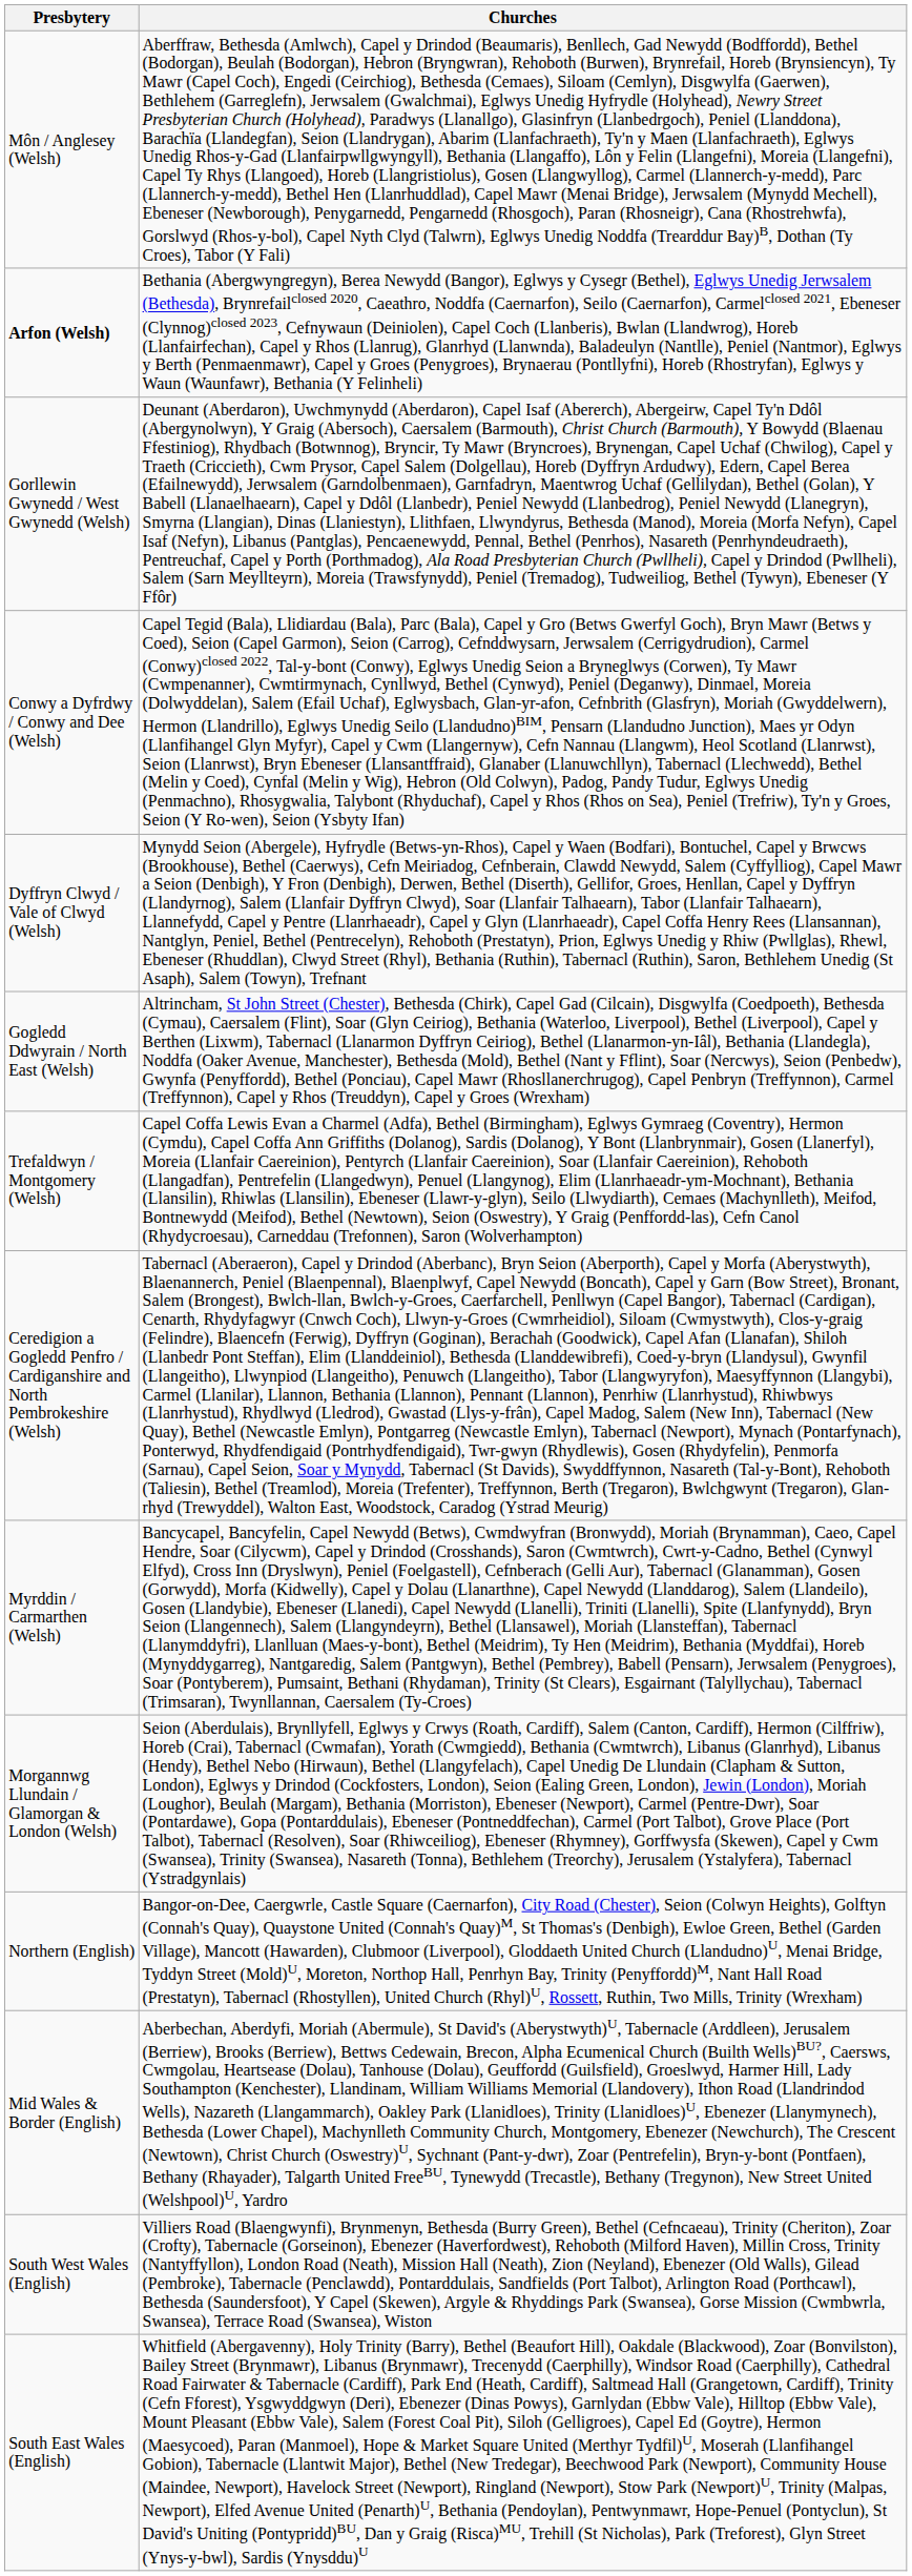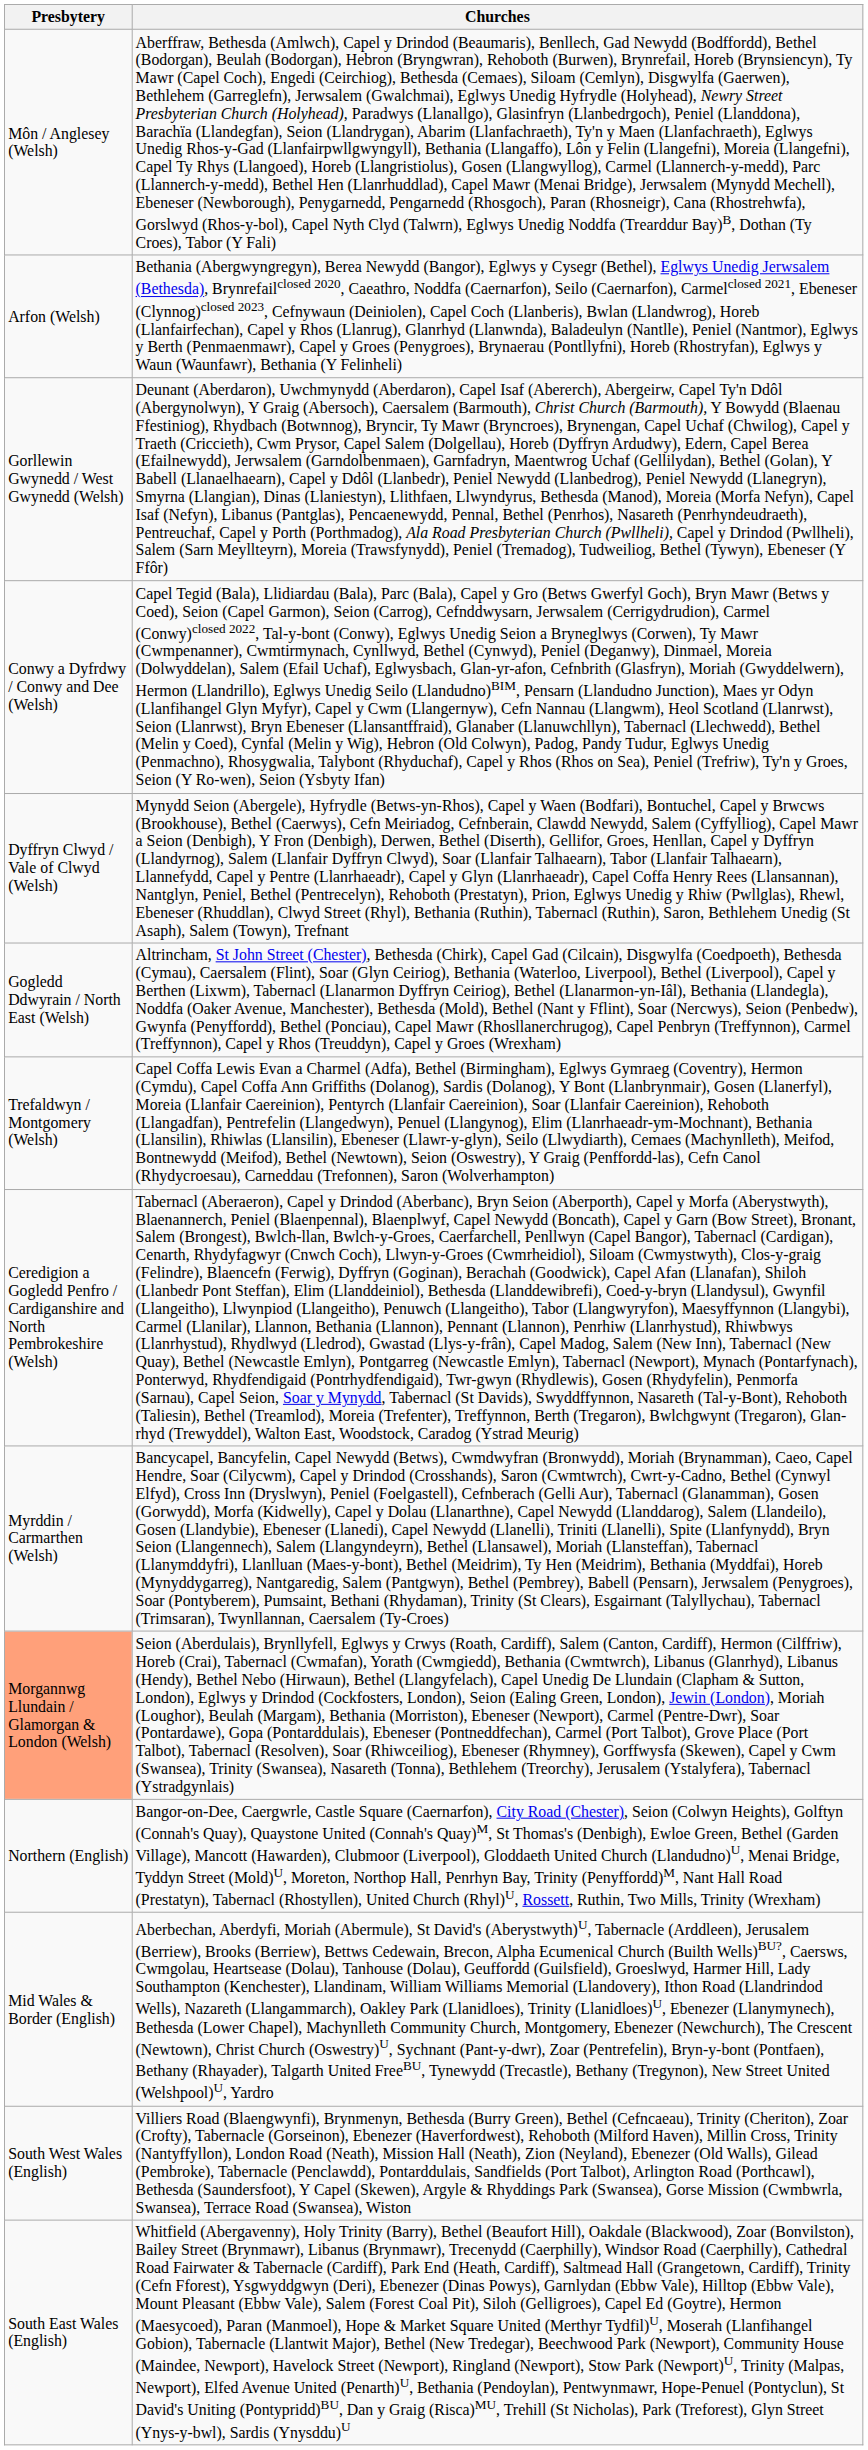 <table class="wikitable">
 <tr>
 <th>Presbytery</th>
 <th>Churches</th>
 </tr>
 <tr>
 <td>Môn / Anglesey (Welsh)</td>
 <td>Aberffraw, Bethesda (Amlwch), Capel y Drindod (Beaumaris), Benllech, Gad Newydd (Bodffordd), Bethel (Bodorgan), Beulah (Bodorgan), Hebron (Bryngwran), Rehoboth (Burwen), Brynrefail, Horeb (Brynsiencyn), Ty Mawr (Capel Coch), Engedi (Ceirchiog), Bethesda (Cemaes), Siloam (Cemlyn), Disgwylfa (Gaerwen), Bethlehem (Garreglefn), Jerwsalem (Gwalchmai), Eglwys Unedig Hyfrydle (Holyhead), <em>Newry Street Presbyterian Church (Holyhead)</em>, Paradwys (Llanallgo), Glasinfryn (Llanbedrgoch), Peniel (Llanddona), Barachïa (Llandegfan), Seion (Llandrygan), Abarim (Llanfachraeth), Ty'n y Maen (Llanfachraeth), Eglwys Unedig Rhos-y-Gad (Llanfairpwllgwyngyll), Bethania (Llangaffo), Lôn y Felin (Llangefni), Moreia (Llangefni), Capel Ty Rhys (Llangoed), Horeb (Llangristiolus), Gosen (Llangwyllog), Carmel (Llannerch-y-medd), Parc (Llannerch-y-medd), Bethel Hen (Llanrhuddlad), Capel Mawr (Menai Bridge), Jerwsalem (Mynydd Mechell), Ebeneser (Newborough), Penygarnedd, Pengarnedd (Rhosgoch), Paran (Rhosneigr), Cana (Rhostrehwfa), Gorslwyd (Rhos-y-bol), Capel Nyth Clyd (Talwrn), Eglwys Unedig Noddfa (Trearddur Bay)<sup>B</sup>, Dothan (Ty Croes), Tabor (Y Fali)</td>
 </tr>
 <tr>
-<td><strong>Arfon (Welsh) </strong></td>
+<td>Arfon (Welsh) </td>
 <td>Bethania (Abergwyngregyn), Berea Newydd (Bangor), Eglwys y Cysegr (Bethel), <a href='#'>Eglwys Unedig Jerwsalem (Bethesda)</a>, Brynrefail<sup>closed 2020</sup>, Caeathro, Noddfa (Caernarfon), Seilo (Caernarfon), Carmel<sup>closed 2021</sup>, Ebeneser (Clynnog)<sup>closed 2023</sup>, Cefnywaun (Deiniolen), Capel Coch (Llanberis), Bwlan (Llandwrog), Horeb (Llanfairfechan), Capel y Rhos (Llanrug), Glanrhyd (Llanwnda), Baladeulyn (Nantlle), Peniel (Nantmor), Eglwys y Berth (Penmaenmawr), Capel y Groes (Penygroes), Brynaerau (Pontllyfni), Horeb (Rhostryfan), Eglwys y Waun (Waunfawr), Bethania (Y Felinheli)</td>
 </tr>
 <tr>
 <td>Gorllewin Gwynedd / West Gwynedd (Welsh)</td>
 <td>Deunant (Aberdaron), Uwchmynydd (Aberdaron), Capel Isaf (Abererch), Abergeirw, Capel Ty'n Ddôl (Abergynolwyn), Y Graig (Abersoch), Caersalem (Barmouth), <em>Christ Church (Barmouth),</em> Y Bowydd (Blaenau Ffestiniog), Rhydbach (Botwnnog), Bryncir, Ty Mawr (Bryncroes), Brynengan, Capel Uchaf (Chwilog), Capel y Traeth (Criccieth), Cwm Prysor, Capel Salem (Dolgellau), Horeb (Dyffryn Ardudwy), Edern, Capel Berea (Efailnewydd), Jerwsalem (Garndolbenmaen), Garnfadryn, Maentwrog Uchaf (Gellilydan), Bethel (Golan), Y Babell (Llanaelhaearn), Capel y Ddôl (Llanbedr), Peniel Newydd (Llanbedrog), Peniel Newydd (Llanegryn), Smyrna (Llangian), Dinas (Llaniestyn), Llithfaen, Llwyndyrus, Bethesda (Manod), Moreia (Morfa Nefyn), Capel Isaf (Nefyn), Libanus (Pantglas), Pencaenewydd, Pennal, Bethel (Penrhos), Nasareth (Penrhyndeudraeth), Pentreuchaf, Capel y Porth (Porthmadog), <em>Ala Road Presbyterian Church (Pwllheli),</em> Capel y Drindod (Pwllheli), Salem (Sarn Meyllteyrn), Moreia (Trawsfynydd), Peniel (Tremadog), Tudweiliog, Bethel (Tywyn), Ebeneser (Y Ffôr)</td>
 </tr>
 <tr>
 <td>Conwy a Dyfrdwy / Conwy and Dee (Welsh)</td>
 <td>Capel Tegid (Bala), Llidiardau (Bala), Parc (Bala), Capel y Gro (Betws Gwerfyl Goch), Bryn Mawr (Betws y Coed), Seion (Capel Garmon), Seion (Carrog), Cefnddwysarn, Jerwsalem (Cerrigydrudion), Carmel (Conwy)<sup>closed 2022</sup>, Tal-y-bont (Conwy), Eglwys Unedig Seion a Bryneglwys (Corwen), Ty Mawr (Cwmpenanner), Cwmtirmynach, Cynllwyd, Bethel (Cynwyd), Peniel (Deganwy), Dinmael, Moreia (Dolwyddelan), Salem (Efail Uchaf), Eglwysbach, Glan-yr-afon, Cefnbrith (Glasfryn), Moriah (Gwyddelwern), Hermon (Llandrillo), Eglwys Unedig Seilo (Llandudno)<sup>BIM</sup>, Pensarn (Llandudno Junction), Maes yr Odyn (Llanfihangel Glyn Myfyr), Capel y Cwm (Llangernyw), Cefn Nannau (Llangwm), Heol Scotland (Llanrwst), Seion (Llanrwst), Bryn Ebeneser (Llansantffraid), Glanaber (Llanuwchllyn), Tabernacl (Llechwedd), Bethel (Melin y Coed), Cynfal (Melin y Wig), Hebron (Old Colwyn), Padog, Pandy Tudur, Eglwys Unedig (Penmachno), Rhosygwalia, Talybont (Rhyduchaf), Capel y Rhos (Rhos on Sea), Peniel (Trefriw), Ty'n y Groes, Seion (Y Ro-wen), Seion (Ysbyty Ifan)</td>
 </tr>
 <tr>
 <td>Dyffryn Clwyd / Vale of Clwyd (Welsh)</td>
 <td>Mynydd Seion (Abergele), Hyfrydle (Betws-yn-Rhos), Capel y Waen (Bodfari), Bontuchel, Capel y Brwcws (Brookhouse), Bethel (Caerwys), Cefn Meiriadog, Cefnberain, Clawdd Newydd, Salem (Cyffylliog), Capel Mawr a Seion (Denbigh), Y Fron (Denbigh), Derwen, Bethel (Diserth), Gellifor, Groes, Henllan, Capel y Dyffryn (Llandyrnog), Salem (Llanfair Dyffryn Clwyd), Soar (Llanfair Talhaearn), Tabor (Llanfair Talhaearn), Llannefydd, Capel y Pentre (Llanrhaeadr), Capel y Glyn (Llanrhaeadr), Capel Coffa Henry Rees (Llansannan), Nantglyn, Peniel, Bethel (Pentrecelyn), Rehoboth (Prestatyn), Prion, Eglwys Unedig y Rhiw (Pwllglas), Rhewl, Ebeneser (Rhuddlan), Clwyd Street (Rhyl), Bethania (Ruthin), Tabernacl (Ruthin), Saron, Bethlehem Unedig (St Asaph), Salem (Towyn), Trefnant</td>
 </tr>
 <tr>
 <td>Gogledd Ddwyrain / North East (Welsh)</td>
 <td>Altrincham, <a href='#'>St John Street (Chester)</a>, Bethesda (Chirk), Capel Gad (Cilcain), Disgwylfa (Coedpoeth), Bethesda (Cymau), Caersalem (Flint), Soar (Glyn Ceiriog), Bethania (Waterloo, Liverpool), Bethel (Liverpool), Capel y Berthen (Lixwm), Tabernacl (Llanarmon Dyffryn Ceiriog), Bethel (Llanarmon-yn-Iâl), Bethania (Llandegla), Noddfa (Oaker Avenue, Manchester), Bethesda (Mold), Bethel (Nant y Fflint), Soar (Nercwys), Seion (Penbedw), Gwynfa (Penyffordd), Bethel (Ponciau), Capel Mawr (Rhosllanerchrugog), Capel Penbryn (Treffynnon), Carmel (Treffynnon), Capel y Rhos (Treuddyn), Capel y Groes (Wrexham)</td>
 </tr>
 <tr>
 <td>Trefaldwyn  / Montgomery (Welsh)</td>
 <td>Capel Coffa Lewis Evan a Charmel (Adfa), Bethel (Birmingham), Eglwys Gymraeg (Coventry), Hermon (Cymdu), Capel Coffa Ann Griffiths (Dolanog), Sardis (Dolanog), Y Bont (Llanbrynmair), Gosen (Llanerfyl), Moreia (Llanfair Caereinion), Pentyrch (Llanfair Caereinion), Soar (Llanfair Caereinion), Rehoboth (Llangadfan), Pentrefelin (Llangedwyn), Penuel (Llangynog), Elim (Llanrhaeadr-ym-Mochnant), Bethania (Llansilin), Rhiwlas (Llansilin), Ebeneser (Llawr-y-glyn), Seilo (Llwydiarth), Cemaes (Machynlleth), Meifod, Bontnewydd (Meifod), Bethel (Newtown), Seion (Oswestry), Y Graig (Penffordd-las), Cefn Canol (Rhydycroesau), Carneddau (Trefonnen), Saron (Wolverhampton)</td>
 </tr>
 <tr>
 <td>Ceredigion a Gogledd Penfro / Cardiganshire and North Pembrokeshire (Welsh)</td>
 <td>Tabernacl (Aberaeron), Capel y Drindod (Aberbanc), Bryn Seion (Aberporth), Capel y Morfa (Aberystwyth), Blaenannerch, Peniel (Blaenpennal), Blaenplwyf, Capel Newydd (Boncath), Capel y Garn (Bow Street), Bronant, Salem (Brongest), Bwlch-llan, Bwlch-y-Groes, Caerfarchell, Penllwyn (Capel Bangor), Tabernacl (Cardigan), Cenarth, Rhydyfagwyr (Cnwch Coch), Llwyn-y-Groes (Cwmrheidiol), Siloam (Cwmystwyth), Clos-y-graig (Felindre), Blaencefn (Ferwig), Dyffryn (Goginan), Berachah (Goodwick), Capel Afan (Llanafan), Shiloh (Llanbedr Pont Steffan), Elim (Llanddeiniol), Bethesda (Llanddewibrefi), Coed-y-bryn (Llandysul), Gwynfil (Llangeitho), Llwynpiod (Llangeitho), Penuwch (Llangeitho), Tabor (Llangwyryfon), Maesyffynnon (Llangybi), Carmel (Llanilar), Llannon, Bethania (Llannon), Pennant (Llannon), Penrhiw (Llanrhystud), Rhiwbwys (Llanrhystud), Rhydlwyd (Lledrod), Gwastad (Llys-y-frân), Capel Madog, Salem (New Inn), Tabernacl (New Quay), Bethel (Newcastle Emlyn), Pontgarreg (Newcastle Emlyn), Tabernacl (Newport), Mynach (Pontarfynach), Ponterwyd, Rhydfendigaid (Pontrhydfendigaid), Twr-gwyn (Rhydlewis), Gosen (Rhydyfelin), Penmorfa (Sarnau), Capel Seion, <a href='#'>Soar y Mynydd</a>, Tabernacl (St Davids), Swyddffynnon, Nasareth (Tal-y-Bont), Rehoboth (Taliesin), Bethel (Treamlod), Moreia (Trefenter), Treffynnon, Berth (Tregaron), Bwlchgwynt (Tregaron), Glan-rhyd (Trewyddel), Walton East, Woodstock, Caradog (Ystrad Meurig)</td>
 </tr>
 <tr>
 <td>Myrddin / Carmarthen (Welsh)</td>
 <td>Bancycapel, Bancyfelin, Capel Newydd (Betws), Cwmdwyfran (Bronwydd), Moriah (Brynamman), Caeo, Capel Hendre, Soar (Cilycwm), Capel y Drindod (Crosshands), Saron (Cwmtwrch), Cwrt-y-Cadno, Bethel (Cynwyl Elfyd), Cross Inn (Dryslwyn), Peniel (Foelgastell), Cefnberach (Gelli Aur), Tabernacl (Glanamman), Gosen (Gorwydd), Morfa (Kidwelly), Capel y Dolau (Llanarthne), Capel Newydd (Llanddarog), Salem (Llandeilo), Gosen (Llandybie), Ebeneser (Llanedi), Capel Newydd (Llanelli), Triniti (Llanelli), Spite (Llanfynydd), Bryn Seion (Llangennech), Salem (Llangyndeyrn), Bethel (Llansawel), Moriah (Llansteffan), Tabernacl (Llanymddyfri), Llanlluan (Maes-y-bont), Bethel (Meidrim), Ty Hen (Meidrim), Bethania (Myddfai), Horeb (Mynyddygarreg), Nantgaredig, Salem (Pantgwyn), Bethel (Pembrey), Babell (Pensarn), Jerwsalem (Penygroes), Soar (Pontyberem), Pumsaint, Bethani (Rhydaman), Trinity (St Clears), Esgairnant (Talyllychau), Tabernacl (Trimsaran), Twynllannan, Caersalem (Ty-Croes)</td>
 </tr>
 <tr>
-<td>Morgannwg Llundain / Glamorgan & London (Welsh)</td>
+<td style="background: lightsalmon;">Morgannwg Llundain / Glamorgan & London (Welsh)</td>
 <td>Seion (Aberdulais), Brynllyfell, Eglwys y Crwys (Roath, Cardiff), Salem (Canton, Cardiff), Hermon (Cilffriw), Horeb (Crai), Tabernacl (Cwmafan), Yorath (Cwmgiedd), Bethania (Cwmtwrch), Libanus (Glanrhyd), Libanus (Hendy), Bethel Nebo (Hirwaun), Bethel (Llangyfelach), Capel Unedig De Llundain (Clapham & Sutton, London), Eglwys y Drindod (Cockfosters, London), Seion (Ealing Green, London), <a href='#'>Jewin (London)</a>, Moriah (Loughor), Beulah (Margam), Bethania (Morriston), Ebeneser (Newport), Carmel (Pentre-Dwr), Soar (Pontardawe), Gopa (Pontarddulais), Ebeneser (Pontneddfechan), Carmel (Port Talbot), Grove Place (Port Talbot), Tabernacl (Resolven), Soar (Rhiwceiliog), Ebeneser (Rhymney), Gorffwysfa (Skewen), Capel y Cwm (Swansea), Trinity (Swansea), Nasareth (Tonna), Bethlehem (Treorchy), Jerusalem (Ystalyfera), Tabernacl (Ystradgynlais)</td>
 </tr>
 <tr>
 <td>Northern (English)</td>
 <td>Bangor-on-Dee, Caergwrle, Castle Square (Caernarfon), <a href='#'>City Road (Chester)</a>, Seion (Colwyn Heights), Golftyn (Connah's Quay), Quaystone United (Connah's Quay)<sup>M</sup>, St Thomas's (Denbigh), Ewloe Green, Bethel (Garden Village), Mancott (Hawarden), Clubmoor (Liverpool), Gloddaeth United Church (Llandudno)<sup>U</sup>, Menai Bridge, Tyddyn Street (Mold)<sup>U</sup>, Moreton, Northop Hall, Penrhyn Bay, Trinity (Penyffordd)<sup>M</sup>, Nant Hall Road (Prestatyn), Tabernacl (Rhostyllen), United Church (Rhyl)<sup>U</sup>, <a href='#'>Rossett</a>, Ruthin, Two Mills, Trinity (Wrexham)</td>
 </tr>
 <tr>
 <td>Mid Wales & Border (English)</td>
 <td>Aberbechan, Aberdyfi, Moriah (Abermule), St David's (Aberystwyth)<sup>U</sup>, Tabernacle (Arddleen), Jerusalem (Berriew), Brooks (Berriew), Bettws Cedewain, Brecon, Alpha Ecumenical Church (Builth Wells)<sup>BU?</sup>, Caersws, Cwmgolau, Heartsease (Dolau), Tanhouse (Dolau), Geuffordd (Guilsfield), Groeslwyd, Harmer Hill, Lady Southampton (Kenchester), Llandinam, William Williams Memorial (Llandovery), Ithon Road (Llandrindod Wells), Nazareth (Llangammarch), Oakley Park (Llanidloes), Trinity (Llanidloes)<sup>U</sup>, Ebenezer (Llanymynech), Bethesda (Lower Chapel), Machynlleth Community Church, Montgomery, Ebenezer (Newchurch), The Crescent (Newtown), Christ Church (Oswestry)<sup>U</sup>, Sychnant (Pant-y-dwr), Zoar (Pentrefelin), Bryn-y-bont (Pontfaen), Bethany (Rhayader), Talgarth United Free<sup>BU</sup>, Tynewydd (Trecastle), Bethany (Tregynon), New Street United (Welshpool)<sup>U</sup>, Yardro</td>
 </tr>
 <tr>
 <td>South West Wales (English)</td>
 <td>Villiers Road (Blaengwynfi), Brynmenyn, Bethesda (Burry Green), Bethel (Cefncaeau), Trinity (Cheriton), Zoar (Crofty), Tabernacle (Gorseinon), Ebenezer (Haverfordwest), Rehoboth (Milford Haven), Millin Cross, Trinity (Nantyffyllon), London Road (Neath), Mission Hall (Neath), Zion (Neyland), Ebenezer (Old Walls), Gilead (Pembroke), Tabernacle (Penclawdd), Pontarddulais, Sandfields (Port Talbot), Arlington Road (Porthcawl), Bethesda (Saundersfoot), Y Capel (Skewen), Argyle & Rhyddings Park (Swansea), Gorse Mission (Cwmbwrla, Swansea), Terrace Road (Swansea), Wiston</td>
 </tr>
 <tr>
 <td>South East Wales (English)</td>
 <td>Whitfield (Abergavenny), Holy Trinity (Barry), Bethel (Beaufort Hill), Oakdale (Blackwood), Zoar (Bonvilston), Bailey Street (Brynmawr), Libanus (Brynmawr), Trecenydd (Caerphilly), Windsor Road (Caerphilly), Cathedral Road Fairwater & Tabernacle (Cardiff), Park End (Heath, Cardiff), Saltmead Hall (Grangetown, Cardiff), Trinity (Cefn Fforest), Ysgwyddgwyn (Deri), Ebenezer (Dinas Powys), Garnlydan (Ebbw Vale), Hilltop (Ebbw Vale), Mount Pleasant (Ebbw Vale), Salem (Forest Coal Pit), Siloh (Gelligroes), Capel Ed (Goytre), Hermon (Maesycoed), Paran (Manmoel), Hope & Market Square United (Merthyr Tydfil)<sup>U</sup>, Moserah (Llanfihangel Gobion), Tabernacle (Llantwit Major), Bethel (New Tredegar), Beechwood Park (Newport), Community House (Maindee, Newport), Havelock Street (Newport), Ringland (Newport), Stow Park (Newport)<sup>U</sup>, Trinity (Malpas, Newport), Elfed Avenue United (Penarth)<sup>U</sup>, Bethania (Pendoylan), Pentwynmawr, Hope-Penuel (Pontyclun), St David's Uniting (Pontypridd)<sup>BU</sup>, Dan y Graig (Risca)<sup>MU</sup>, Trehill (St Nicholas), Park (Treforest), Glyn Street (Ynys-y-bwl), Sardis (Ynysddu)<sup>U</sup></td>
 </tr>
 </table>
